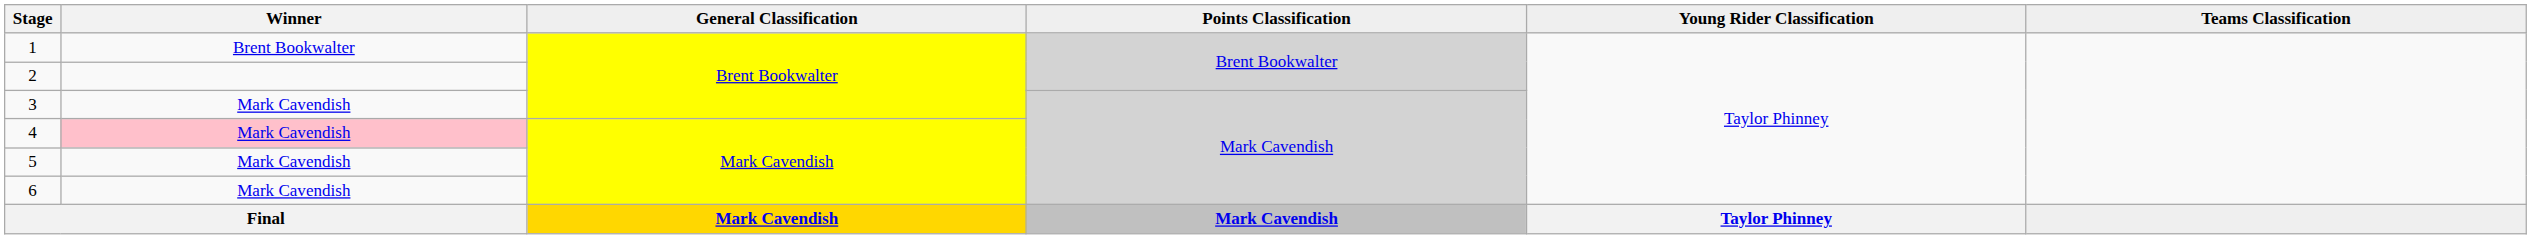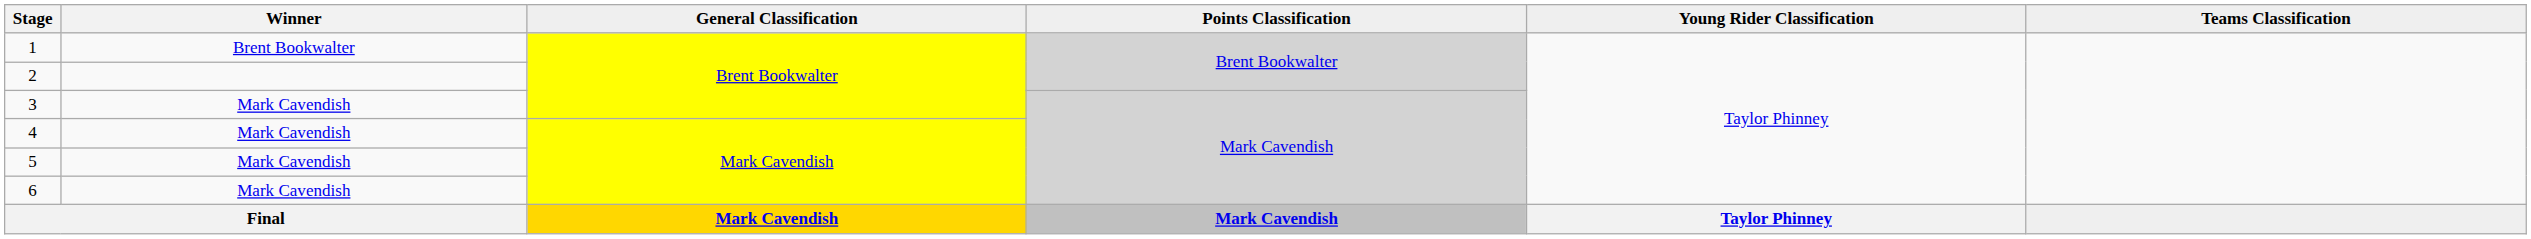 <table class="wikitable" style="text-align: center; font-size:smaller;">
 <tr style="background-color: #efefef;">
 <th width="1%">Stage</th>
 <th width="14%">Winner</th>
 <th style="background:#EFEFEF;" width="15%">General Classification<br></th>
 <th style="background:#EFEFEF;" width="15%">Points Classification<br></th>
 <th style="background:#EFEFEF"  width="15%">Young Rider Classification<br></th>
 <th style="background:#EFEFEF;" width="15%">Teams Classification</th>
 </tr>
 <tr>
 <td>1</td>
 <td><a href='#'>Brent Bookwalter</a></td>
 <td style="background:yellow;" rowspan=3><a href='#'>Brent Bookwalter</a></td>
 <td style="background:lightgrey;" rowspan=2><a href='#'>Brent Bookwalter</a></td>
 <td style="background:offwhite;" rowspan=6><a href='#'>Taylor Phinney</a></td>
 <td rowspan=6></td>
 </tr>
 <tr>
 <td>2</td>
 <td></td>
 </tr>
 <tr>
 <td>3</td>
 <td><a href='#'>Mark Cavendish</a></td>
 <td style="background:lightgrey;" rowspan=4><a href='#'>Mark Cavendish</a></td>
 </tr>
 <tr>
 <td>4</td>
-<td style="background: pink;"><a href='#'>Mark Cavendish</a></td>
+<td><a href='#'>Mark Cavendish</a></td>
 <td style="background:yellow;" rowspan=3><a href='#'>Mark Cavendish</a></td>
 </tr>
 <tr>
 <td>5</td>
 <td><a href='#'>Mark Cavendish</a></td>
 </tr>
 <tr>
 <td>6</td>
 <td><a href='#'>Mark Cavendish</a></td>
 </tr>
 <tr>
 <th colspan=2><strong>Final</strong></th>
 <th style="background:gold;"><a href='#'>Mark Cavendish</a></th>
 <th style="background:silver;"><a href='#'>Mark Cavendish</a></th>
 <th style="background:offwhite;"><a href='#'>Taylor Phinney</a></th>
 <th style="background:#EFEFEF;"></th>
 </tr>
 </table>
